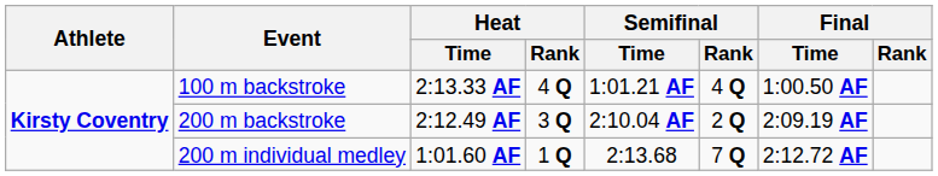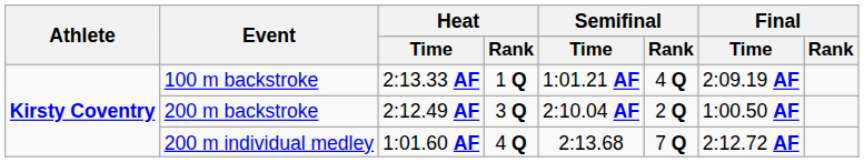 <table class=wikitable style="font-size:90%">
 <tr>
 <th rowspan="2">Athlete</th>
 <th rowspan="2">Event</th>
 <th colspan="2">Heat</th>
 <th colspan="2">Semifinal</th>
 <th colspan="2">Final</th>
 </tr>
 <tr style="font-size:95%">
 <th>Time</th>
 <th>Rank</th>
 <th>Time</th>
 <th>Rank</th>
 <th>Time</th>
 <th>Rank</th>
 </tr>
 <tr align=center>
 <td align=left rowspan=3><strong><a href='#'>Kirsty Coventry</a></strong></td>
 <td align=left><a href='#'>100 m backstroke</a></td>
 <td>2:13.33 <strong><a href='#'>AF</a></strong></td>
-<td>4 <strong>Q</strong></td>
+<td>1 <strong>Q</strong></td>
 <td>1:01.21 <strong><a href='#'>AF</a></strong></td>
 <td>4 <strong>Q</strong></td>
-<td>1:00.50 <strong><a href='#'>AF</a></strong></td>
+<td>2:09.19 <strong><a href='#'>AF</a></strong></td>
 <td></td>
 </tr>
 <tr align=center>
 <td align=left><a href='#'>200 m backstroke</a></td>
 <td>2:12.49 <strong><a href='#'>AF</a></strong></td>
 <td>3 <strong>Q</strong></td>
 <td>2:10.04 <strong><a href='#'>AF</a></strong></td>
 <td>2 <strong>Q</strong></td>
-<td>2:09.19 <strong><a href='#'>AF</a></strong></td>
+<td>1:00.50 <strong><a href='#'>AF</a></strong></td>
 <td></td>
 </tr>
 <tr align=center>
 <td align=left><a href='#'>200 m individual medley</a></td>
 <td>1:01.60 <strong><a href='#'>AF</a></strong></td>
-<td>1 <strong>Q</strong></td>
+<td>4 <strong>Q</strong></td>
 <td>2:13.68</td>
 <td>7 <strong>Q</strong></td>
 <td>2:12.72 <strong><a href='#'>AF</a></strong></td>
 <td></td>
 </tr>
 </table>
